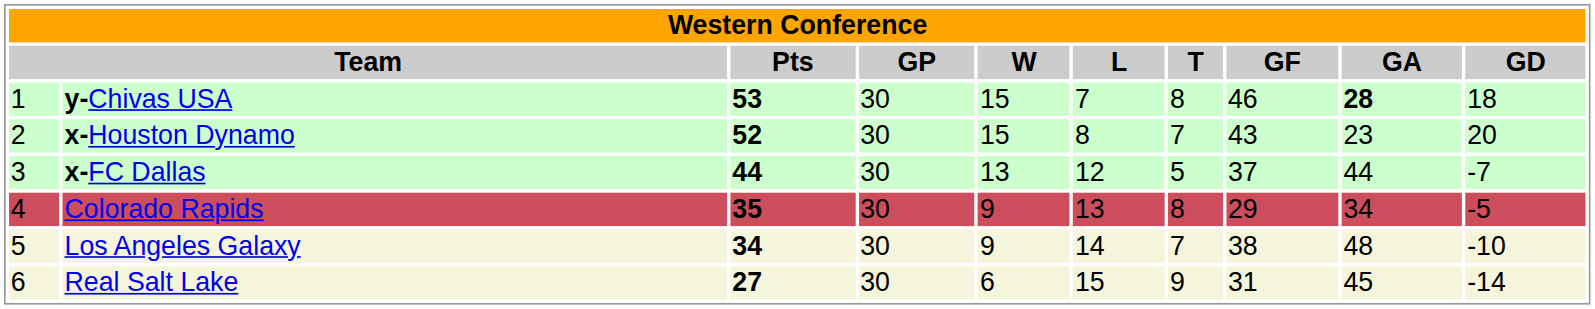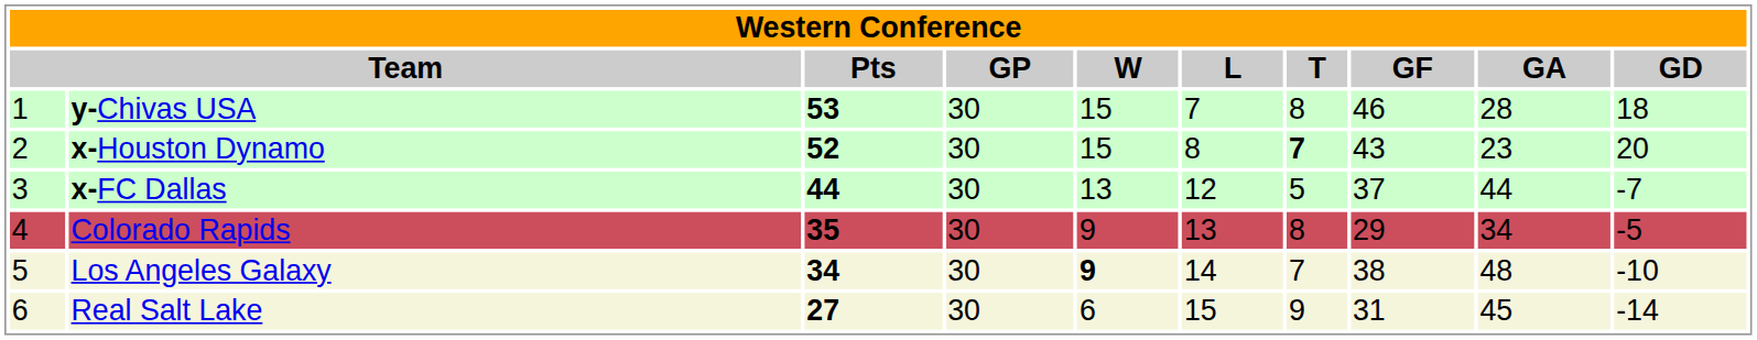 <table border="0" style="border: 1px solid #999; background-color:white" width=60%>
 <tr>
 <td colspan=10 align=center bgcolor=orange><span><strong>Western Conference</strong></span></td>
 </tr>
 <tr align="center" bgcolor="#CCCCCC">
 <th colspan=2 width=150>Team</th>
 <th>Pts</th>
 <th>GP</th>
 <th>W</th>
 <th>L</th>
 <th>T</th>
 <th>GF</th>
 <th>GA</th>
 <th>GD</th>
 </tr>
 <tr>
 <td bgcolor=#ccffcc>1</td>
 <td bgcolor=#ccffcc><strong>y-</strong><a href='#'>Chivas USA</a></td>
 <td bgcolor=#ccffcc><strong>53</strong></td>
 <td bgcolor=#ccffcc>30</td>
 <td bgcolor=#ccffcc>15</td>
 <td bgcolor=#ccffcc>7</td>
 <td bgcolor=#ccffcc>8</td>
 <td bgcolor=#ccffcc>46</td>
-<td bgcolor=#ccffcc><strong>28</strong></td>
+<td bgcolor=#ccffcc>28</td>
 <td bgcolor=#ccffcc>18</td>
 </tr>
 <tr>
 <td bgcolor=#ccffcc>2</td>
 <td bgcolor=#ccffcc><strong>x-</strong><a href='#'>Houston Dynamo</a></td>
 <td bgcolor=#ccffcc><strong>52</strong></td>
 <td bgcolor=#ccffcc>30</td>
 <td bgcolor=#ccffcc>15</td>
 <td bgcolor=#ccffcc>8</td>
-<td bgcolor=#ccffcc>7</td>
+<td bgcolor=#ccffcc><strong>7</strong></td>
 <td bgcolor=#ccffcc>43</td>
 <td bgcolor=#ccffcc>23</td>
 <td bgcolor=#ccffcc>20</td>
 </tr>
 <tr>
 <td bgcolor=#ccffcc>3</td>
 <td bgcolor=#ccffcc><strong>x-</strong><a href='#'>FC Dallas</a></td>
 <td bgcolor=#ccffcc><strong>44</strong></td>
 <td bgcolor=#ccffcc>30</td>
 <td bgcolor=#ccffcc>13</td>
 <td bgcolor=#ccffcc>12</td>
 <td bgcolor=#ccffcc>5</td>
 <td bgcolor=#ccffcc>37</td>
 <td bgcolor=#ccffcc>44</td>
 <td bgcolor=#ccffcc>-7</td>
 </tr>
 <tr>
 <td bgcolor=#CC4E5C>4</td>
 <td bgcolor=#CC4E5C><a href='#'>Colorado Rapids</a></td>
 <td bgcolor=#CC4E5C><strong>35</strong></td>
 <td bgcolor=#CC4E5C>30</td>
 <td bgcolor=#CC4E5C>9</td>
 <td bgcolor=#CC4E5C>13</td>
 <td bgcolor=#CC4E5C>8</td>
 <td bgcolor=#CC4E5C>29</td>
 <td bgcolor=#CC4E5C>34</td>
 <td bgcolor=#CC4E5C>-5</td>
 </tr>
 <tr>
 <td bgcolor=#f5f5dc>5</td>
 <td bgcolor=#f5f5dc><a href='#'>Los Angeles Galaxy</a></td>
 <td bgcolor=#f5f5dc><strong>34</strong></td>
 <td bgcolor=#f5f5dc>30</td>
-<td bgcolor=#f5f5dc>9</td>
+<td bgcolor=#f5f5dc><strong>9</strong></td>
 <td bgcolor=#f5f5dc>14</td>
 <td bgcolor=#f5f5dc>7</td>
 <td bgcolor=#f5f5dc>38</td>
 <td bgcolor=#f5f5dc>48</td>
 <td bgcolor=#f5f5dc>-10</td>
 </tr>
 <tr>
 <td bgcolor=#f5f5dc>6</td>
 <td bgcolor=#f5f5dc><a href='#'>Real Salt Lake</a></td>
 <td bgcolor=#f5f5dc><strong>27</strong></td>
 <td bgcolor=#f5f5dc>30</td>
 <td bgcolor=#f5f5dc>6</td>
 <td bgcolor=#f5f5dc>15</td>
 <td bgcolor=#f5f5dc>9</td>
 <td bgcolor=#f5f5dc>31</td>
 <td bgcolor=#f5f5dc>45</td>
 <td bgcolor=#f5f5dc>-14</td>
 </tr>
 </table>
